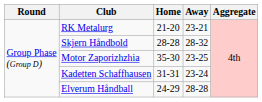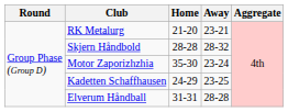 <table class="wikitable">
 <tr>
 <th>Round</th>
 <th>Club</th>
 <th>Home</th>
 <th>Away</th>
 <th>Aggregate</th>
 </tr>
 <tr>
 <td rowspan="5"><a href='#'>Group Phase</a><br><em>(<small>Group D</small>)</em></td>
 <td> <a href='#'>RK Metalurg</a></td>
 <td style="text-align:center;">21-20</td>
 <td style="text-align:center;">23-21</td>
 <td rowspan="5" style="text-align:center;" bgcolor="#ffcccc">4th</td>
 </tr>
 <tr>
 <td> <a href='#'>Skjern Håndbold</a></td>
 <td style="text-align:center;">28-28</td>
 <td style="text-align:center;">28-32</td>
 </tr>
 <tr>
 <td> <a href='#'>Motor Zaporizhzhia</a></td>
 <td style="text-align:center;">35-30</td>
+<td style="text-align:center;">23-24</td>
+</tr>
+<tr>
+<td> <a href='#'>Kadetten Schaffhausen</a></td>
+<td style="text-align:center;">24-29</td>
 <td style="text-align:center;">23-25</td>
 </tr>
 <tr>
-<td> <a href='#'>Kadetten Schaffhausen</a></td>
+<td> <a href='#'>Elverum Håndball</a></td>
 <td style="text-align:center;">31-31</td>
-<td style="text-align:center;">23-24</td>
-</tr>
-<tr>
-<td> <a href='#'>Elverum Håndball</a></td>
-<td style="text-align:center;">24-29</td>
 <td style="text-align:center;">28-28</td>
 </tr>
 </table>
